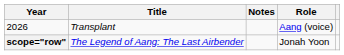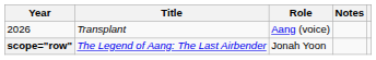 <table class="wikitable plainrowheaders">
 <tr>
 <th scope="col">Year</th>
 <th scope="col">Title</th>
+<th scope="col">Role</th>
 <th scope="col">Notes</th>
-<th scope="col">Role</th>
 <th scope="col" class="unsortable"></th>
 </tr>
 <tr>
 <td>2026</td>
 <td><em>Transplant</em></td>
+<td><a href='#'>Aang</a> (voice)</td>
 <td></td>
-<td><a href='#'>Aang</a> (voice)</td>
 <td></td>
 </tr>
 <tr>
 <th>scope="row" </th>
 <td><em><a href='#'>The Legend of Aang: The Last Airbender</a></em></td>
+<td>Jonah Yoon</td>
 <td></td>
-<td>Jonah Yoon</td>
 <td></td>
 </tr>
 </table>
